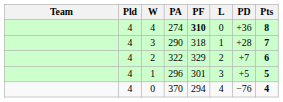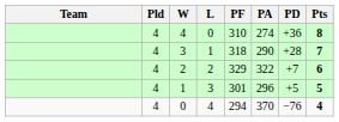 <table class=wikitable style="text-align:center">
 <tr>
 <th width=180>Team</th>
 <th width=30>Pld</th>
 <th width=30>W</th>
+<th width=30>L</th>
+<th width=30>PF</th>
 <th width=30>PA</th>
-<th width=30>PF</th>
-<th width=30>L</th>
 <th width=30>PD</th>
 <th width=30>Pts</th>
 </tr>
 <tr align=center bgcolor="#ccffcc">
 <td align=left></td>
 <td>4</td>
 <td>4</td>
+<td>0</td>
+<td>310</td>
 <td>274</td>
-<td><strong>310</strong></td>
-<td>0</td>
 <td>+36</td>
 <td><strong>8</strong></td>
 </tr>
 <tr align=center bgcolor="#ccffcc">
 <td align=left></td>
 <td>4</td>
 <td>3</td>
+<td>1</td>
+<td>318</td>
 <td>290</td>
-<td>318</td>
-<td>1</td>
 <td>+28</td>
 <td><strong>7</strong></td>
 </tr>
 <tr align=center bgcolor="#ccffcc">
 <td align=left></td>
 <td>4</td>
 <td>2</td>
+<td>2</td>
+<td>329</td>
 <td>322</td>
-<td>329</td>
-<td>2</td>
 <td>+7</td>
 <td><strong>6</strong></td>
 </tr>
 <tr align=center bgcolor="#ccffcc">
 <td align=left></td>
 <td>4</td>
 <td>1</td>
+<td>3</td>
+<td>301</td>
 <td>296</td>
-<td>301</td>
-<td>3</td>
 <td>+5</td>
 <td><strong>5</strong></td>
 </tr>
 <tr>
 <td align=left></td>
 <td>4</td>
 <td>0</td>
+<td>4</td>
+<td>294</td>
 <td>370</td>
-<td>294</td>
-<td>4</td>
 <td>−76</td>
 <td><strong>4</strong></td>
 </tr>
 </table>
